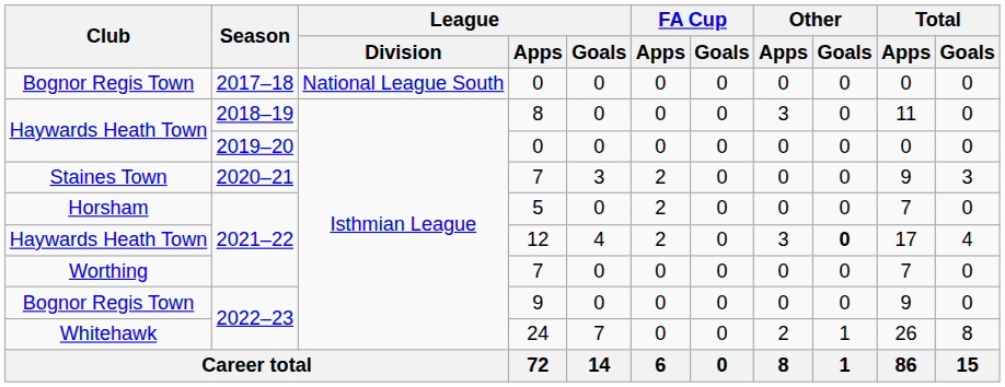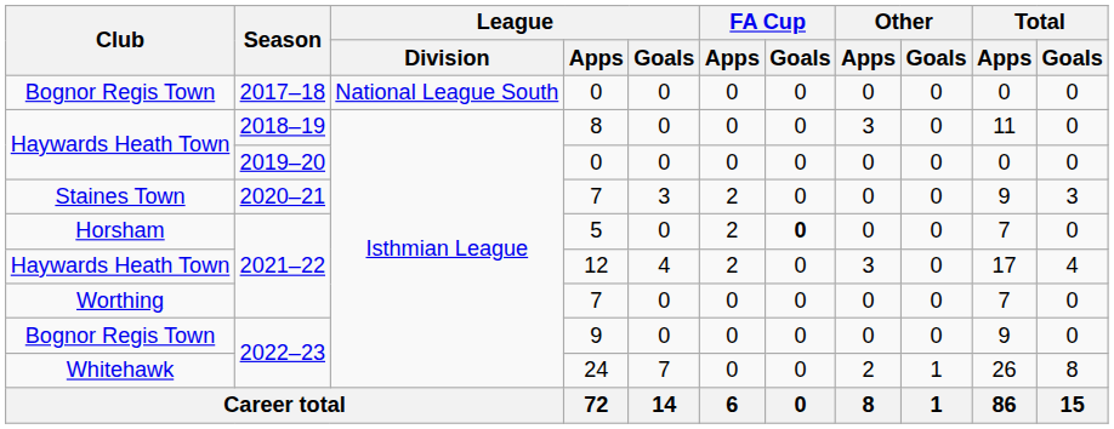 <table class="wikitable" style="text-align: center">
 <tr>
 <th rowspan="2">Club</th>
 <th rowspan="2">Season</th>
 <th colspan="3">League</th>
 <th colspan="2"><a href='#'>FA Cup</a></th>
 <th colspan="2">Other</th>
 <th colspan="2">Total</th>
 </tr>
 <tr>
 <th>Division</th>
 <th>Apps</th>
 <th>Goals</th>
 <th>Apps</th>
 <th>Goals</th>
 <th>Apps</th>
 <th>Goals</th>
 <th>Apps</th>
 <th>Goals</th>
 </tr>
 <tr>
 <td><a href='#'>Bognor Regis Town</a></td>
 <td><a href='#'>2017–18</a></td>
 <td><a href='#'>National League South</a></td>
 <td>0</td>
 <td>0</td>
 <td>0</td>
 <td>0</td>
 <td>0</td>
 <td>0</td>
 <td>0</td>
 <td>0</td>
 </tr>
 <tr>
 <td rowspan="2"><a href='#'>Haywards Heath Town</a></td>
 <td><a href='#'>2018–19</a></td>
 <td rowspan="8"><a href='#'>Isthmian League</a></td>
 <td>8</td>
 <td>0</td>
 <td>0</td>
 <td>0</td>
 <td>3</td>
 <td>0</td>
 <td>11</td>
 <td>0</td>
 </tr>
 <tr>
 <td><a href='#'>2019–20</a></td>
 <td>0</td>
 <td>0</td>
 <td>0</td>
 <td>0</td>
 <td>0</td>
 <td>0</td>
 <td>0</td>
 <td>0</td>
 </tr>
 <tr>
 <td><a href='#'>Staines Town</a></td>
 <td><a href='#'>2020–21</a></td>
 <td>7</td>
 <td>3</td>
 <td>2</td>
 <td>0</td>
 <td>0</td>
 <td>0</td>
 <td>9</td>
 <td>3</td>
 </tr>
 <tr>
 <td><a href='#'>Horsham</a></td>
 <td rowspan="3"><a href='#'>2021–22</a></td>
 <td>5</td>
 <td>0</td>
 <td>2</td>
-<td>0</td>
+<td><strong>0</strong></td>
 <td>0</td>
 <td>0</td>
 <td>7</td>
 <td>0</td>
 </tr>
 <tr>
 <td><a href='#'>Haywards Heath Town</a></td>
 <td>12</td>
 <td>4</td>
 <td>2</td>
 <td>0</td>
 <td>3</td>
-<td><strong>0</strong></td>
+<td>0</td>
 <td>17</td>
 <td>4</td>
 </tr>
 <tr>
 <td><a href='#'>Worthing</a></td>
 <td>7</td>
 <td>0</td>
 <td>0</td>
 <td>0</td>
 <td>0</td>
 <td>0</td>
 <td>7</td>
 <td 0>0</td>
 </tr>
 <tr>
 <td><a href='#'>Bognor Regis Town</a></td>
 <td rowspan="2"><a href='#'>2022–23</a></td>
 <td>9</td>
 <td>0</td>
 <td>0</td>
 <td>0</td>
 <td>0</td>
 <td>0</td>
 <td>9</td>
 <td 0>0</td>
 </tr>
 <tr>
 <td><a href='#'>Whitehawk</a></td>
 <td>24</td>
 <td>7</td>
 <td>0</td>
 <td>0</td>
 <td>2</td>
 <td>1</td>
 <td>26</td>
 <td>8</td>
 </tr>
 <tr>
 <th colspan="3">Career total</th>
 <th>72</th>
 <th>14</th>
 <th>6</th>
 <th>0</th>
 <th>8</th>
 <th>1</th>
 <th>86</th>
 <th>15</th>
 </tr>
 </table>
